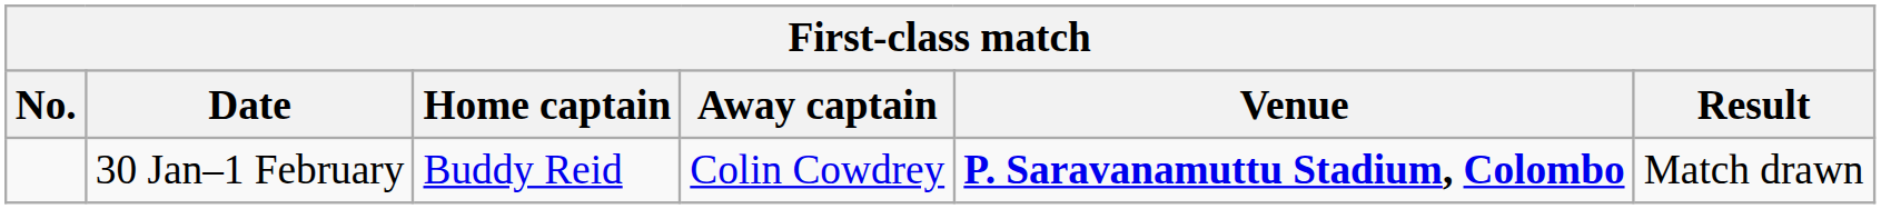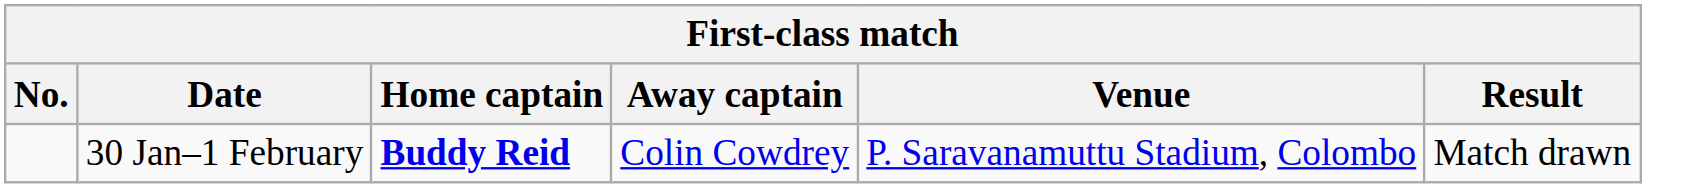 <table class="wikitable">
 <tr>
 <th colspan="9">First-class match</th>
 </tr>
 <tr>
 <th>No.</th>
 <th>Date</th>
 <th>Home captain</th>
 <th>Away captain</th>
 <th>Venue</th>
 <th>Result</th>
 </tr>
 <tr>
 <td></td>
 <td>30 Jan–1 February</td>
-<td><a href='#'>Buddy Reid</a></td>
+<td><strong><a href='#'>Buddy Reid</a></strong></td>
 <td><a href='#'>Colin Cowdrey</a></td>
-<td><strong><a href='#'>P. Saravanamuttu Stadium</a>, <a href='#'>Colombo</a></strong></td>
+<td><a href='#'>P. Saravanamuttu Stadium</a>, <a href='#'>Colombo</a></td>
 <td>Match drawn</td>
 </tr>
 </table>
